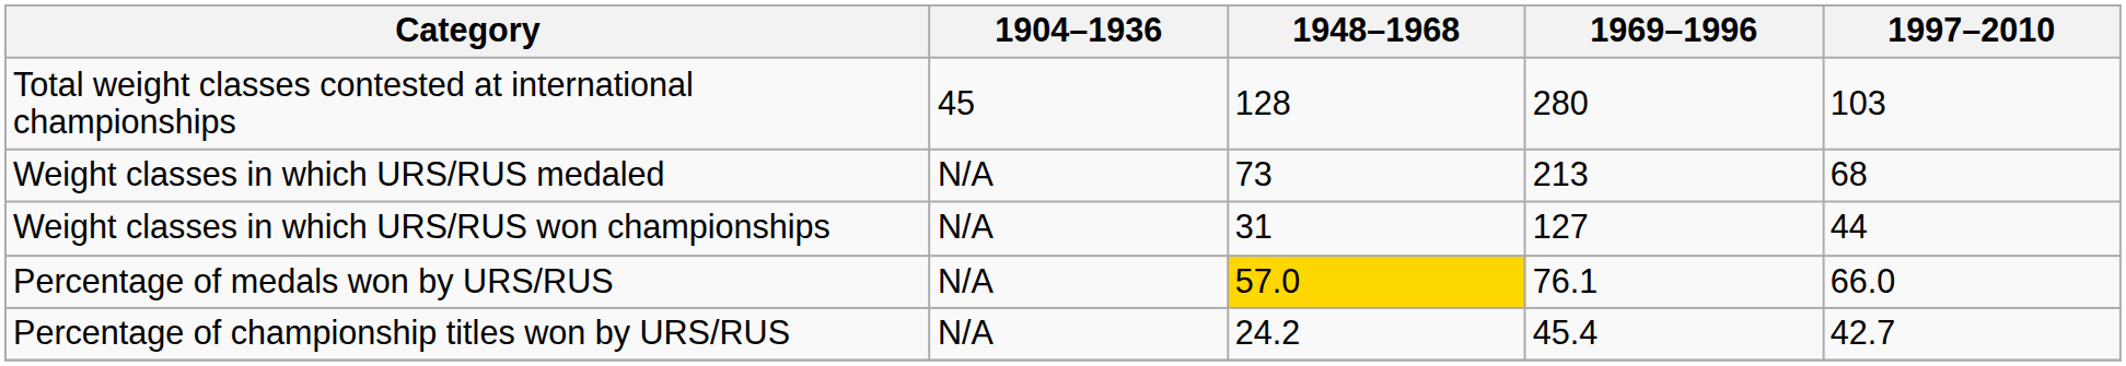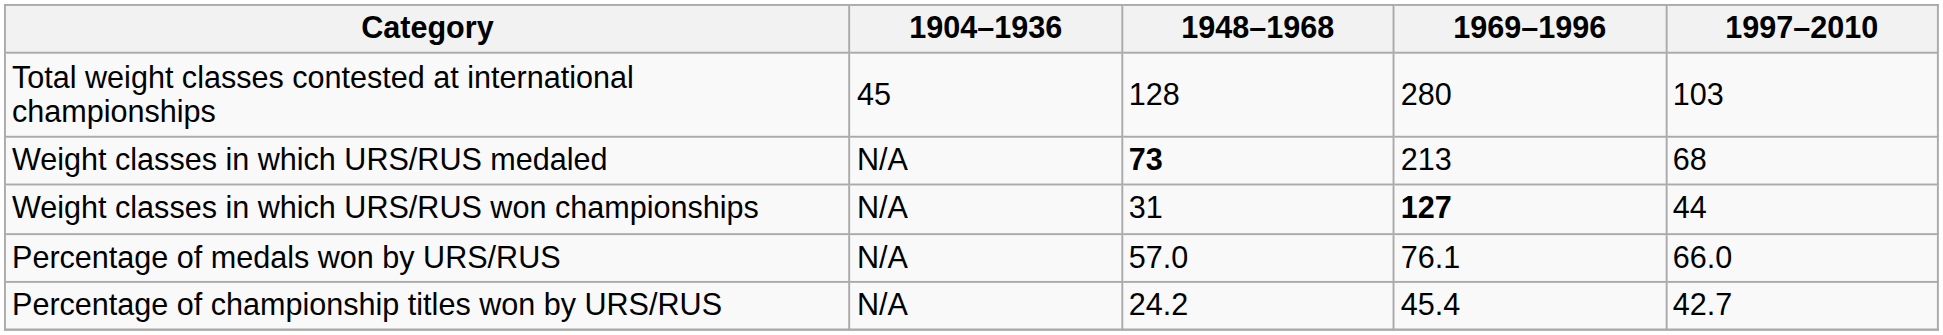 <table class="wikitable sortable" style="font-size: 100%">
 <tr>
 <th width=435>Category</th>
 <th width=135>1904–1936</th>
 <th width=135>1948–1968</th>
 <th width=135>1969–1996</th>
 <th width=135>1997–2010</th>
 </tr>
 <tr>
 <td>Total weight classes contested at international championships</td>
 <td>45</td>
 <td>128</td>
 <td>280</td>
 <td>103</td>
 </tr>
 <tr>
 <td>Weight classes in which URS/RUS medaled</td>
 <td>N/A</td>
-<td>73</td>
+<td><strong>73</strong></td>
 <td>213</td>
 <td>68</td>
 </tr>
 <tr>
 <td>Weight classes in which URS/RUS won championships</td>
 <td>N/A</td>
 <td>31</td>
-<td>127</td>
+<td><strong>127</strong></td>
 <td>44</td>
 </tr>
 <tr>
 <td>Percentage of medals won by URS/RUS</td>
 <td>N/A</td>
-<td style="background: gold;">57.0</td>
+<td>57.0</td>
 <td>76.1</td>
 <td>66.0</td>
 </tr>
 <tr>
 <td>Percentage of championship titles won by URS/RUS</td>
 <td>N/A</td>
 <td>24.2</td>
 <td>45.4</td>
 <td>42.7</td>
 </tr>
 <tr>
 </tr>
 </table>
